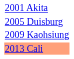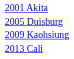 <table>
 <tr>
 <td><a href='#'>2001 Akita</a></td>
 <td></td>
 <td></td>
 <td></td>
 </tr>
 <tr>
-<td><a href='#'>2005 Duisburg</a></td>
+<td style="background: lightyellow;"><a href='#'>2005 Duisburg</a></td>
 <td></td>
 <td></td>
 <td></td>
 </tr>
 <tr>
 <td><a href='#'>2009 Kaohsiung</a></td>
 <td></td>
 <td></td>
 <td></td>
 </tr>
 <tr>
-<td style="background: lightsalmon;"><a href='#'>2013 Cali</a></td>
+<td><a href='#'>2013 Cali</a></td>
 <td></td>
 <td></td>
 <td></td>
 </tr>
 </table>
